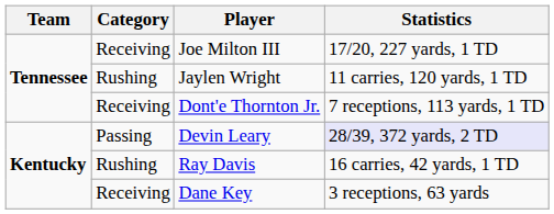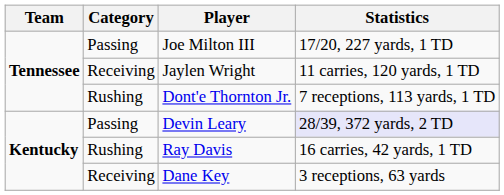 <table class="wikitable" style="float: right;">
 <tr>
 <th>Team</th>
 <th>Category</th>
 <th>Player</th>
 <th>Statistics</th>
 </tr>
 <tr>
 <td rowspan=3><strong>Tennessee</strong></td>
-<td>Receiving</td>
+<td>Passing</td>
 <td>Joe Milton III</td>
 <td>17/20, 227 yards, 1 TD</td>
 </tr>
 <tr>
-<td>Rushing</td>
+<td>Receiving</td>
 <td>Jaylen Wright</td>
 <td>11 carries, 120 yards, 1 TD</td>
 </tr>
 <tr>
-<td>Receiving</td>
+<td>Rushing</td>
 <td><a href='#'>Dont'e Thornton Jr.</a></td>
 <td>7 receptions, 113 yards, 1 TD</td>
 </tr>
 <tr>
 <td rowspan=3><strong>Kentucky</strong></td>
 <td>Passing</td>
 <td><a href='#'>Devin Leary</a></td>
 <td style="background: lavender;">28/39, 372 yards, 2 TD</td>
 </tr>
 <tr>
 <td>Rushing</td>
 <td><a href='#'>Ray Davis</a></td>
 <td>16 carries, 42 yards, 1 TD</td>
 </tr>
 <tr>
 <td>Receiving</td>
 <td><a href='#'>Dane Key</a></td>
 <td>3 receptions, 63 yards</td>
 </tr>
 </table>
